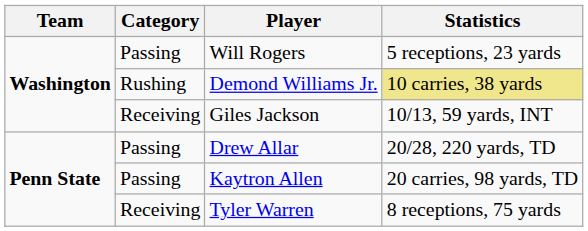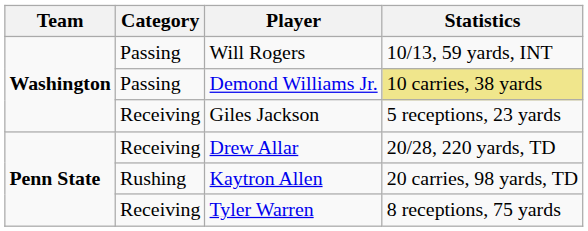 <table class="wikitable" style="float: right;">
 <tr>
 <th>Team</th>
 <th>Category</th>
 <th>Player</th>
 <th>Statistics</th>
 </tr>
 <tr>
 <td rowspan=3><strong>Washington</strong></td>
 <td>Passing</td>
 <td>Will Rogers</td>
-<td>5 receptions, 23 yards</td>
+<td>10/13, 59 yards, INT</td>
 </tr>
 <tr>
-<td>Rushing</td>
+<td>Passing</td>
 <td><a href='#'>Demond Williams Jr.</a></td>
 <td style="background: khaki;">10 carries, 38 yards</td>
 </tr>
 <tr>
 <td>Receiving</td>
 <td>Giles Jackson</td>
-<td>10/13, 59 yards, INT</td>
+<td>5 receptions, 23 yards</td>
 </tr>
 <tr>
 <td rowspan=3><strong>Penn State</strong></td>
-<td>Passing</td>
+<td>Receiving</td>
 <td><a href='#'>Drew Allar</a></td>
 <td>20/28, 220 yards, TD</td>
 </tr>
 <tr>
-<td>Passing</td>
+<td>Rushing</td>
 <td><a href='#'>Kaytron Allen</a></td>
 <td>20 carries, 98 yards, TD</td>
 </tr>
 <tr>
 <td>Receiving</td>
 <td><a href='#'>Tyler Warren</a></td>
 <td>8 receptions, 75 yards</td>
 </tr>
 </table>
